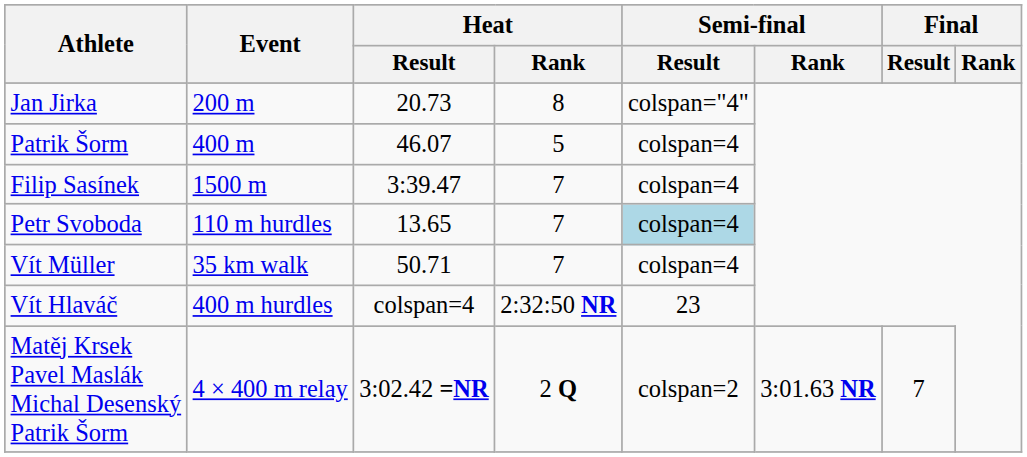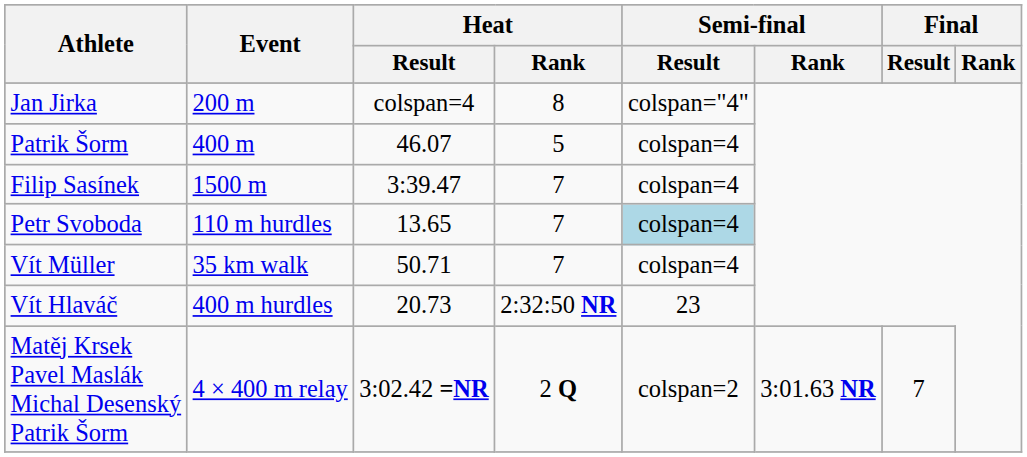 <table class="wikitable" style="font-size:90%">
 <tr>
 <th rowspan="2">Athlete</th>
 <th rowspan="2">Event</th>
 <th colspan="2">Heat</th>
 <th colspan="2">Semi-final</th>
 <th colspan="2">Final</th>
 </tr>
 <tr style="font-size:95%">
 <th>Result</th>
 <th>Rank</th>
 <th>Result</th>
 <th>Rank</th>
 <th>Result</th>
 <th>Rank</th>
 </tr>
 <tr align=center>
 <td align=left><a href='#'>Jan Jirka</a></td>
 <td align=left><a href='#'>200 m</a></td>
-<td>20.73</td>
+<td>colspan=4 </td>
 <td>8</td>
 <td>colspan="4" </td>
 </tr>
 <tr align=center>
 <td align=left><a href='#'>Patrik Šorm</a></td>
 <td align=left><a href='#'>400 m</a></td>
 <td>46.07</td>
 <td>5</td>
 <td>colspan=4 </td>
 </tr>
 <tr align=center>
 <td align=left><a href='#'>Filip Sasínek</a></td>
 <td align=left><a href='#'>1500 m</a></td>
 <td>3:39.47</td>
 <td>7</td>
 <td>colspan=4 </td>
 </tr>
 <tr align=center>
 <td align=left><a href='#'>Petr Svoboda</a></td>
 <td align=left><a href='#'>110 m hurdles</a></td>
 <td>13.65</td>
 <td>7</td>
 <td style="background: lightblue;">colspan=4 </td>
 </tr>
 <tr align=center>
 <td align=left><a href='#'>Vít Müller</a></td>
 <td align=left><a href='#'>35 km walk</a></td>
 <td>50.71</td>
 <td>7</td>
 <td>colspan=4 </td>
 </tr>
 <tr align=center>
 <td align=left><a href='#'>Vít Hlaváč</a></td>
 <td align=left><a href='#'>400 m hurdles</a></td>
-<td>colspan=4 </td>
+<td>20.73</td>
 <td>2:32:50 <strong><a href='#'>NR</a></strong></td>
 <td>23</td>
 </tr>
 <tr align=center>
 <td align=left><a href='#'>Matěj Krsek</a><br><a href='#'>Pavel Maslák</a><br><a href='#'>Michal Desenský</a><br><a href='#'>Patrik Šorm</a></td>
 <td align=left><a href='#'>4 × 400 m relay</a></td>
 <td>3:02.42 <strong>=<a href='#'>NR</a></strong></td>
 <td>2 <strong>Q</strong></td>
 <td>colspan=2 </td>
 <td>3:01.63  <strong><a href='#'>NR</a></strong></td>
 <td>7</td>
 </tr>
 </table>
